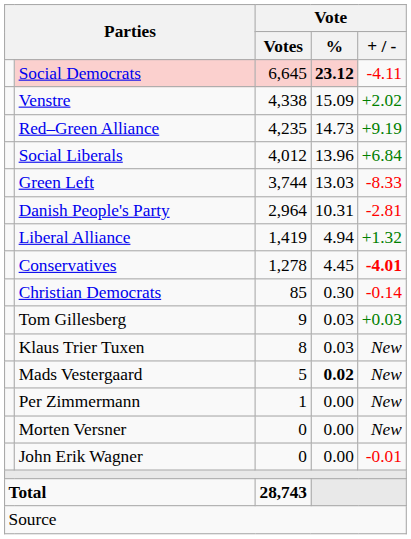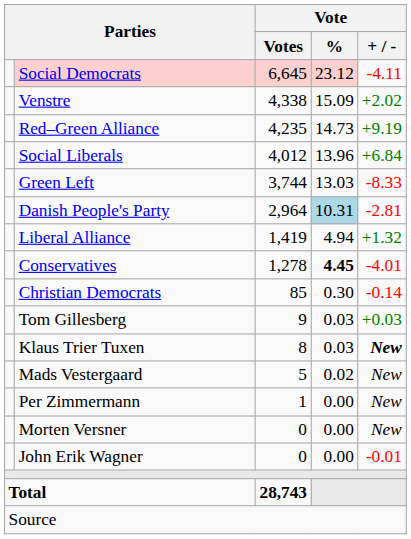 <table class="wikitable" style="text-align:right;">
 <tr>
 <th style="text-align:centre;" rowspan="2" colspan="2" width="225">Parties</th>
 <th colspan="3">Vote</th>
 </tr>
 <tr>
 <th width="15">Votes</th>
 <th width="15">%</th>
 <th width="15">+ / -</th>
 </tr>
 <tr>
 <td width="2" style="color:inherit;background:"></td>
 <td bgcolor=#fbd0ce  align="left"><a href='#'>Social Democrats</a></td>
 <td bgcolor=#fbd0ce>6,645</td>
-<td bgcolor=#fbd0ce><strong>23.12</strong></td>
+<td bgcolor=#fbd0ce>23.12</td>
 <td style=color:red;>-4.11</td>
 </tr>
 <tr>
 <td width="2" style="color:inherit;background:"></td>
 <td align="left"><a href='#'>Venstre</a></td>
 <td>4,338</td>
 <td>15.09</td>
 <td style=color:green;>+2.02</td>
 </tr>
 <tr>
 <td width="2" style="color:inherit;background:"></td>
 <td align="left"><a href='#'>Red–Green Alliance</a></td>
 <td>4,235</td>
 <td>14.73</td>
 <td style=color:green;>+9.19</td>
 </tr>
 <tr>
 <td width="2" style="color:inherit;background:"></td>
 <td align="left"><a href='#'>Social Liberals</a></td>
 <td>4,012</td>
 <td>13.96</td>
 <td style=color:green;>+6.84</td>
 </tr>
 <tr>
 <td width="2" style="color:inherit;background:"></td>
 <td align="left"><a href='#'>Green Left</a></td>
 <td>3,744</td>
 <td>13.03</td>
 <td style=color:red;>-8.33</td>
 </tr>
 <tr>
 <td width="2" style="color:inherit;background:"></td>
 <td align="left"><a href='#'>Danish People's Party</a></td>
 <td>2,964</td>
-<td>10.31</td>
+<td style="background: lightblue;">10.31</td>
 <td style=color:red;>-2.81</td>
 </tr>
 <tr>
 <td width="2" style="color:inherit;background:"></td>
 <td align="left"><a href='#'>Liberal Alliance</a></td>
 <td>1,419</td>
 <td>4.94</td>
 <td style=color:green;>+1.32</td>
 </tr>
 <tr>
 <td width="2" style="color:inherit;background:"></td>
 <td align="left"><a href='#'>Conservatives</a></td>
 <td>1,278</td>
-<td>4.45</td>
-<td style=color:red;><strong>-4.01</strong></td>
+<td><strong>4.45</strong></td>
+<td style=color:red;>-4.01</td>
 </tr>
 <tr>
 <td width="2" style="color:inherit;background:"></td>
 <td align="left"><a href='#'>Christian Democrats</a></td>
 <td>85</td>
 <td>0.30</td>
 <td style=color:red;>-0.14</td>
 </tr>
 <tr>
 <td width="2" style="color:inherit;background:"></td>
 <td align="left">Tom Gillesberg</td>
 <td>9</td>
 <td>0.03</td>
 <td style=color:green;>+0.03</td>
 </tr>
 <tr>
 <td width="2" style="color:inherit;background:"></td>
 <td align="left">Klaus Trier Tuxen</td>
 <td>8</td>
 <td>0.03</td>
-<td><em>New</em></td>
+<td><strong><em>New</em></strong></td>
 </tr>
 <tr>
 <td width="2" style="color:inherit;background:"></td>
 <td align="left">Mads Vestergaard</td>
 <td>5</td>
-<td><strong>0.02</strong></td>
+<td>0.02</td>
 <td><em>New</em></td>
 </tr>
 <tr>
 <td width="2" style="color:inherit;background:"></td>
 <td align="left">Per Zimmermann</td>
 <td>1</td>
 <td>0.00</td>
 <td><em>New</em></td>
 </tr>
 <tr>
 <td width="2" style="color:inherit;background:"></td>
 <td align="left">Morten Versner</td>
 <td>0</td>
 <td>0.00</td>
 <td><em>New</em></td>
 </tr>
 <tr>
 <td width="2" style="color:inherit;background:"></td>
 <td align="left">John Erik Wagner</td>
 <td>0</td>
 <td>0.00</td>
 <td style=color:red;>-0.01</td>
 </tr>
 <tr>
 <td colspan="7" bgcolor="#E9E9E9"></td>
 </tr>
 <tr>
 <td align="left" colspan="2"><strong>Total</strong></td>
 <td><strong>28,743</strong></td>
 <td bgcolor="#E9E9E9" colspan="2"></td>
 </tr>
 <tr>
 <td align="left" colspan="6">Source</td>
 </tr>
 </table>
